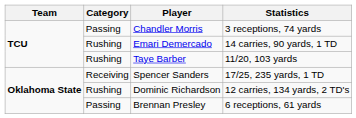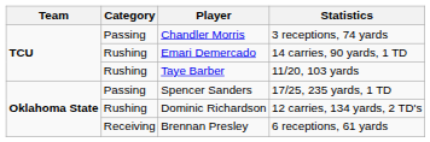 <table class="wikitable" style="float: right;">
 <tr>
 <th>Team</th>
 <th>Category</th>
 <th>Player</th>
 <th>Statistics</th>
 </tr>
 <tr>
 <td rowspan=3><strong>TCU</strong></td>
 <td>Passing</td>
 <td><a href='#'>Chandler Morris</a></td>
 <td>3 receptions, 74 yards</td>
 </tr>
 <tr>
 <td>Rushing</td>
 <td><a href='#'>Emari Demercado</a></td>
 <td>14 carries, 90 yards, 1 TD</td>
 </tr>
 <tr>
 <td>Rushing</td>
 <td><a href='#'>Taye Barber</a></td>
 <td>11/20, 103 yards</td>
 </tr>
 <tr>
 <td rowspan=3><strong>Oklahoma State</strong></td>
-<td>Receiving</td>
+<td>Passing</td>
 <td>Spencer Sanders</td>
 <td>17/25, 235 yards, 1 TD</td>
 </tr>
 <tr>
 <td>Rushing</td>
 <td>Dominic Richardson</td>
 <td>12 carries, 134 yards, 2 TD's</td>
 </tr>
 <tr>
-<td>Passing</td>
+<td>Receiving</td>
 <td>Brennan Presley</td>
 <td>6 receptions, 61 yards</td>
 </tr>
 </table>
